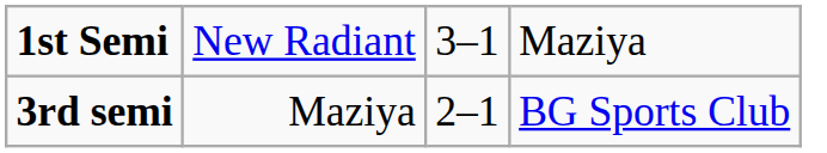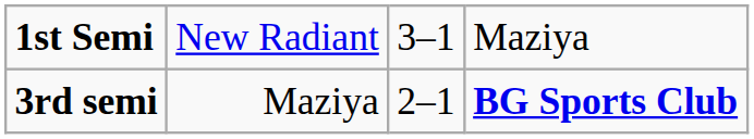 <table class="wikitable" style="font-size:95%">
 <tr>
 <td><strong>1st Semi</strong></td>
 <td align=right><a href='#'>New Radiant</a></td>
 <td>3–1</td>
 <td>Maziya</td>
 </tr>
 <tr>
 <td><strong>3rd semi</strong></td>
 <td align=right>Maziya</td>
 <td>2–1</td>
-<td><a href='#'>BG Sports Club</a></td>
+<td><strong><a href='#'>BG Sports Club</a></strong></td>
 </tr>
 </table>
